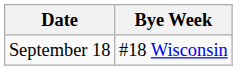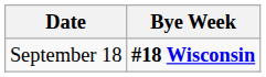 <table class="wikitable" style="font-size:95%;">
 <tr>
 <th>Date</th>
 <th>Bye Week</th>
 </tr>
 <tr>
 <td>September 18</td>
-<td>#18 <a href='#'>Wisconsin</a></td>
+<td><strong>#18 <a href='#'>Wisconsin</a></strong></td>
 </tr>
 </table>
